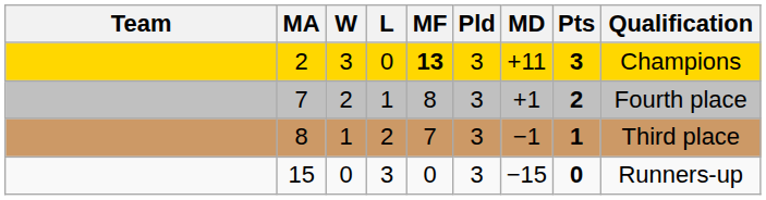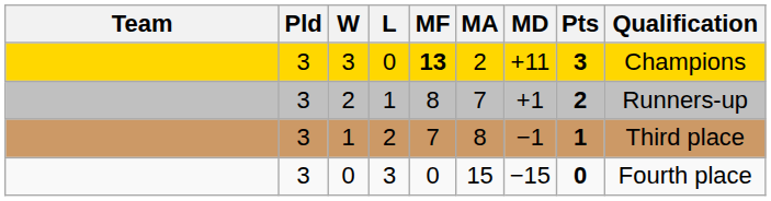 <table class="wikitable" style="text-align:center">
 <tr>
 <th width="175">Team</th>
-<th width="20">MA</th>
+<th width="20">Pld</th>
 <th width="20">W</th>
 <th width="20">L</th>
 <th width="20">MF</th>
-<th width="20">Pld</th>
+<th width="20">MA</th>
 <th width="20">MD</th>
 <th width="20">Pts</th>
 <th width="100">Qualification</th>
 </tr>
 <tr bgcolor="gold">
 <td align="left"></td>
-<td>2</td>
+<td>3</td>
 <td>3</td>
 <td>0</td>
 <td><strong>13</strong></td>
-<td>3</td>
+<td>2</td>
 <td>+11</td>
 <td><strong>3</strong></td>
 <td>Champions</td>
 </tr>
 <tr bgcolor="silver">
 <td align="left"></td>
-<td>7</td>
+<td>3</td>
 <td>2</td>
 <td>1</td>
 <td>8</td>
-<td>3</td>
+<td>7</td>
 <td>+1</td>
 <td><strong>2</strong></td>
-<td>Fourth place</td>
+<td>Runners-up</td>
 </tr>
 <tr bgcolor="cc9966">
 <td align="left"></td>
-<td>8</td>
+<td>3</td>
 <td>1</td>
 <td>2</td>
 <td>7</td>
-<td>3</td>
+<td>8</td>
 <td>−1</td>
 <td><strong>1</strong></td>
 <td>Third place</td>
 </tr>
 <tr>
 <td align="left"></td>
-<td>15</td>
+<td>3</td>
 <td>0</td>
 <td>3</td>
 <td>0</td>
-<td>3</td>
+<td>15</td>
 <td>−15</td>
 <td><strong>0</strong></td>
-<td>Runners-up</td>
+<td>Fourth place</td>
 </tr>
 </table>
